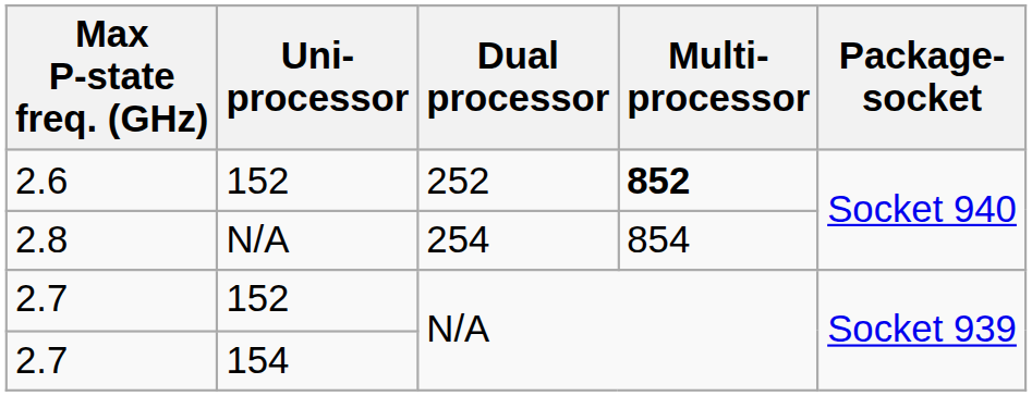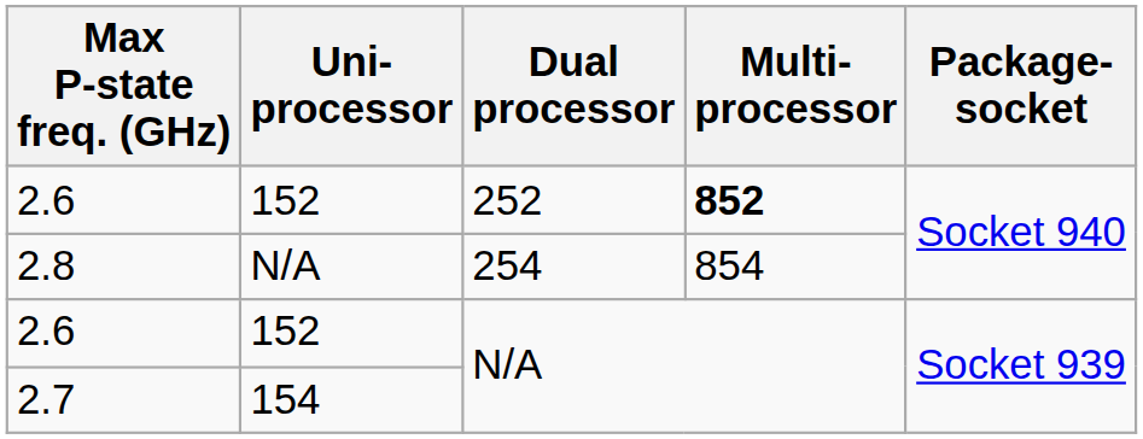 <table class="wikitable" style="margin: 1em auto 1em auto">
 <tr>
 <th scope="col">Max<br>P-state<br>freq. (GHz)</th>
 <th scope="col">Uni-<br>processor</th>
 <th scope="col">Dual<br>processor</th>
 <th scope="col">Multi-<br>processor</th>
 <th scope="col">Package-<br>socket</th>
 </tr>
 <tr>
 <td>2.6</td>
 <td>152</td>
 <td>252</td>
 <td><strong>852</strong></td>
 <td rowspan="2"><a href='#'>Socket 940</a></td>
 </tr>
 <tr>
 <td>2.8</td>
 <td>N/A</td>
 <td>254</td>
 <td>854</td>
 </tr>
 <tr>
-<td>2.7</td>
+<td>2.6</td>
 <td>152</td>
 <td colspan="2" rowspan="2">N/A</td>
 <td rowspan="2"><a href='#'>Socket 939</a></td>
 </tr>
 <tr>
 <td>2.7</td>
 <td>154</td>
 </tr>
 </table>
